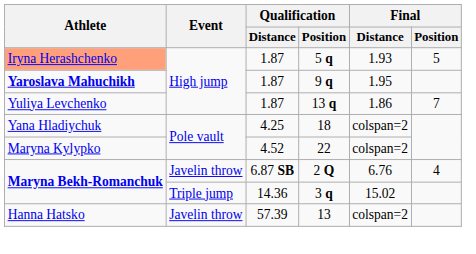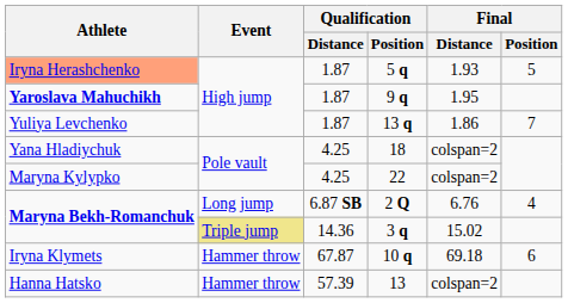 <table class="wikitable" style="font-size:90%">
 <tr>
 <th rowspan="2">Athlete</th>
 <th rowspan="2">Event</th>
 <th colspan="2">Qualification</th>
 <th colspan="2">Final</th>
 </tr>
 <tr style="font-size:95%">
 <th>Distance</th>
 <th>Position</th>
 <th>Distance</th>
 <th>Position</th>
 </tr>
 <tr align="center">
 <td align="left" style="background: lightsalmon;"><a href='#'>Iryna Herashchenko</a></td>
 <td rowspan="3" align="left"><a href='#'>High jump</a></td>
 <td>1.87</td>
 <td>5 <strong>q</strong></td>
 <td>1.93</td>
 <td>5</td>
 </tr>
 <tr align="center">
 <td align="left"><strong><a href='#'>Yaroslava Mahuchikh</a></strong></td>
 <td>1.87</td>
 <td>9 <strong>q</strong></td>
 <td>1.95</td>
 <td></td>
 </tr>
 <tr align="center">
 <td align="left"><a href='#'>Yuliya Levchenko</a></td>
 <td>1.87</td>
 <td>13 <strong>q</strong></td>
 <td>1.86</td>
 <td>7</td>
 </tr>
 <tr align="center">
 <td align="left"><a href='#'>Yana Hladiychuk</a></td>
 <td rowspan="2" align="left"><a href='#'>Pole vault</a></td>
 <td>4.25</td>
 <td>18</td>
 <td>colspan=2 </td>
 </tr>
 <tr align="center">
 <td align="left"><a href='#'>Maryna Kylypko</a></td>
-<td>4.52</td>
+<td>4.25</td>
 <td>22</td>
 <td>colspan=2 </td>
 </tr>
 <tr align="center">
 <td rowspan="2" align="left"><strong><a href='#'>Maryna Bekh-Romanchuk</a></strong></td>
-<td align="left"><a href='#'>Javelin throw</a></td>
+<td align="left"><a href='#'>Long jump</a></td>
 <td>6.87 <strong>SB</strong></td>
 <td>2 <strong>Q</strong></td>
 <td>6.76</td>
 <td>4</td>
 </tr>
 <tr align="center">
-<td align="left"><a href='#'>Triple jump</a></td>
+<td align="left" style="background: khaki;"><a href='#'>Triple jump</a></td>
 <td>14.36</td>
 <td>3 <strong>q</strong></td>
 <td>15.02  </td>
 <td></td>
 </tr>
 <tr align="center">
+<td align="left"><a href='#'>Iryna Klymets</a></td>
+<td align="left"><a href='#'>Hammer throw</a></td>
+<td>67.87</td>
+<td>10 <strong>q</strong></td>
+<td>69.18</td>
+<td>6</td>
+</tr>
+<tr align="center">
 <td align="left"><a href='#'>Hanna Hatsko</a></td>
-<td align="left"><a href='#'>Javelin throw</a></td>
+<td align="left"><a href='#'>Hammer throw</a></td>
 <td>57.39</td>
 <td>13</td>
 <td>colspan=2 </td>
 </tr>
 </table>
